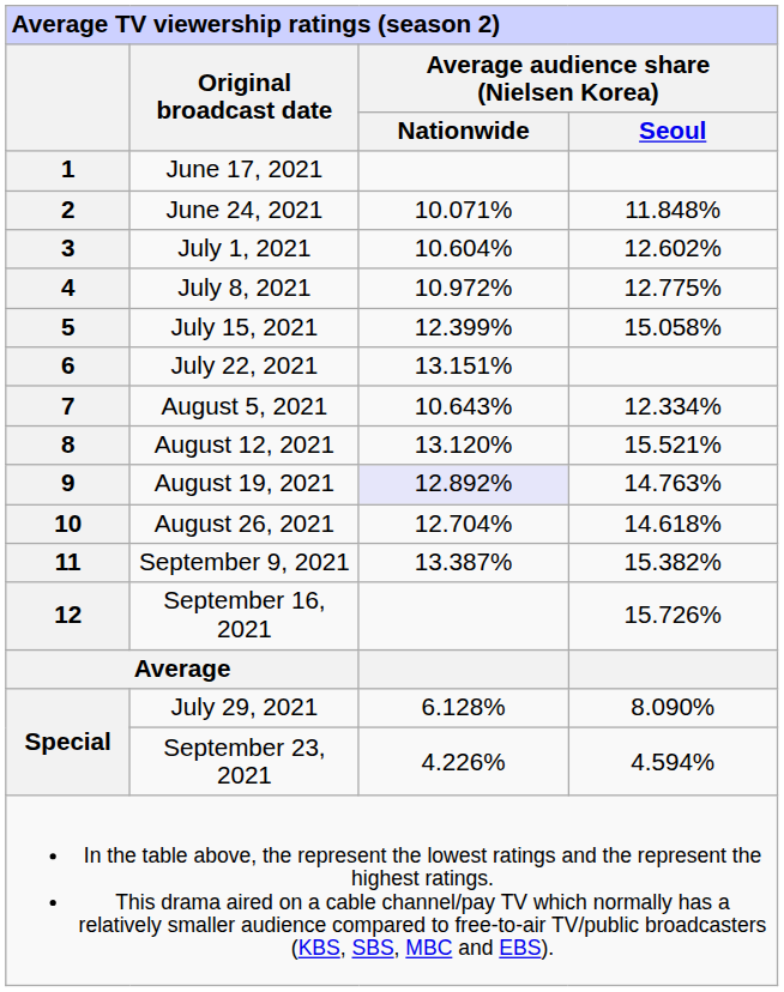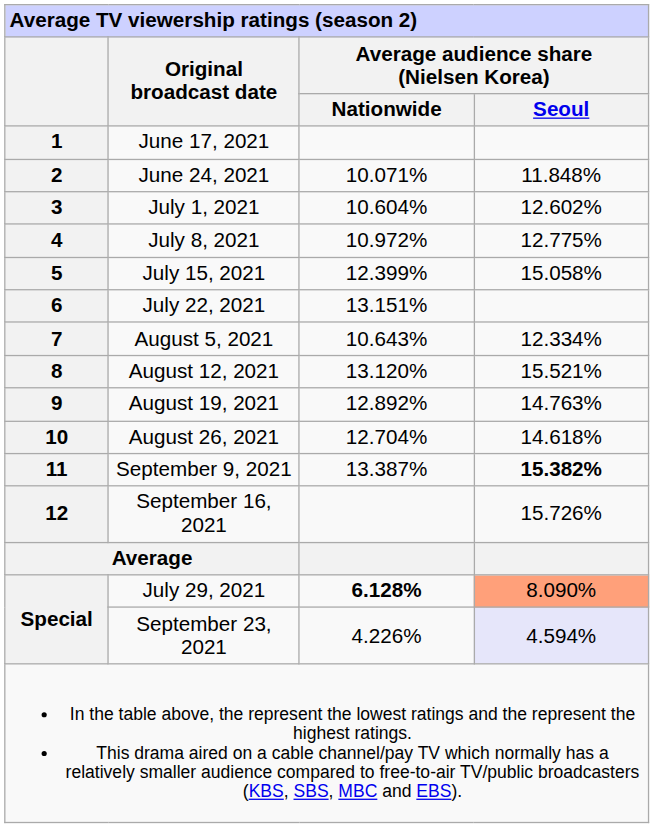 <table role="presentation" class="wikitable mw-collapsible mw-collapsed innercollapse" style="text-align:center; max-width:500px; margin-left: auto; margin-right: auto; border: none;">
 <tr>
 <th colspan="6" style="background:#CDD1FF; text-align:left">Average TV viewership ratings (season 2)</th>
 </tr>
 <tr>
 <th rowspan="2"></th>
 <th rowspan="2">Original broadcast date</th>
 <th colspan="2">Average audience share<br>(Nielsen Korea)</th>
 </tr>
 <tr>
 <th scope="col" style="width:8em">Nationwide</th>
 <th scope="col" style="width:8em"><a href='#'>Seoul</a></th>
 </tr>
 <tr>
 <th>1</th>
 <td>June 17, 2021</td>
 <td><strong></strong> </td>
 <td><strong></strong> </td>
 </tr>
 <tr>
 <th>2</th>
 <td>June 24, 2021</td>
 <td>10.071% </td>
 <td>11.848% </td>
 </tr>
 <tr>
 <th>3</th>
 <td>July 1, 2021</td>
 <td>10.604% </td>
 <td>12.602% </td>
 </tr>
 <tr>
 <th>4</th>
 <td>July 8, 2021</td>
 <td>10.972% </td>
 <td>12.775% </td>
 </tr>
 <tr>
 <th>5</th>
 <td>July 15, 2021</td>
 <td>12.399% </td>
 <td>15.058% </td>
 </tr>
 <tr>
 <th>6</th>
 <td>July 22, 2021</td>
 <td>13.151% </td>
 <td><strong></strong> </td>
 </tr>
 <tr>
 <th>7</th>
 <td>August 5, 2021</td>
 <td>10.643% </td>
 <td>12.334% </td>
 </tr>
 <tr>
 <th>8</th>
 <td>August 12, 2021</td>
 <td>13.120% </td>
 <td>15.521% </td>
 </tr>
 <tr>
 <th>9</th>
 <td>August 19, 2021</td>
-<td style="background: lavender;">12.892% </td>
+<td>12.892% </td>
 <td>14.763% </td>
 </tr>
 <tr>
 <th>10</th>
 <td>August 26, 2021</td>
 <td>12.704% </td>
 <td>14.618% </td>
 </tr>
 <tr>
 <th>11</th>
 <td>September 9, 2021</td>
 <td>13.387% </td>
-<td>15.382% </td>
+<td><strong>15.382% </strong></td>
 </tr>
 <tr>
 <th>12</th>
 <td>September 16, 2021</td>
 <td><strong></strong> </td>
 <td>15.726% </td>
 </tr>
 <tr>
 <th colspan="2">Average</th>
 <th></th>
 <th></th>
 </tr>
 <tr>
 <th rowspan="2">Special</th>
 <td>July 29, 2021</td>
-<td>6.128% </td>
-<td>8.090% </td>
+<td><strong>6.128% </strong></td>
+<td style="background: lightsalmon;">8.090% </td>
 </tr>
 <tr>
 <td>September 23, 2021</td>
 <td>4.226% </td>
-<td>4.594% </td>
+<td style="background: lavender;">4.594% </td>
 </tr>
 <tr>
 <td colspan="4" style="font-size:85%"><br><ul><li>In the table above, the  represent the lowest ratings and the  represent the highest ratings.</li><li>This drama aired on a cable channel/pay TV which normally has a relatively smaller audience compared to free-to-air TV/public broadcasters (<a href='#'>KBS</a>, <a href='#'>SBS</a>, <a href='#'>MBC</a> and <a href='#'>EBS</a>).</li></ul></td>
 </tr>
 </table>
